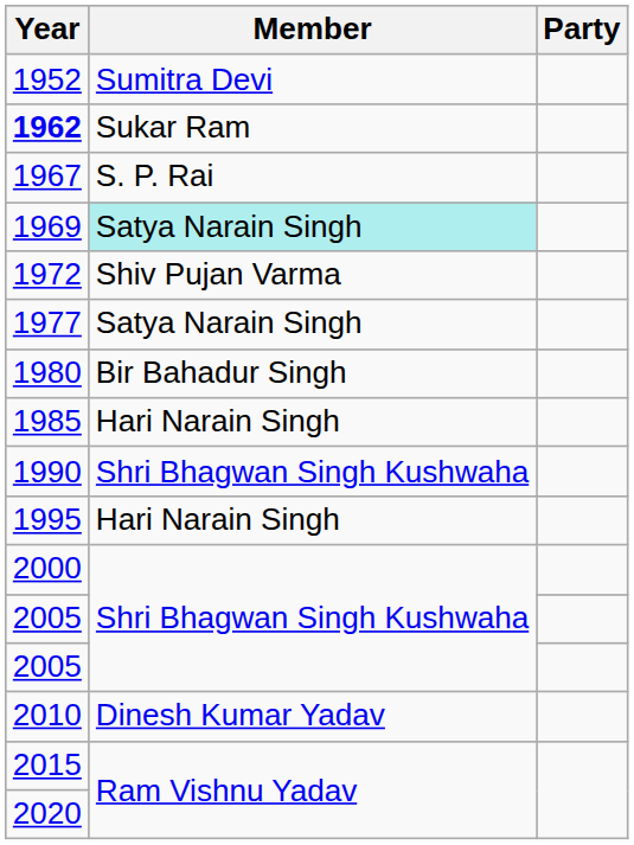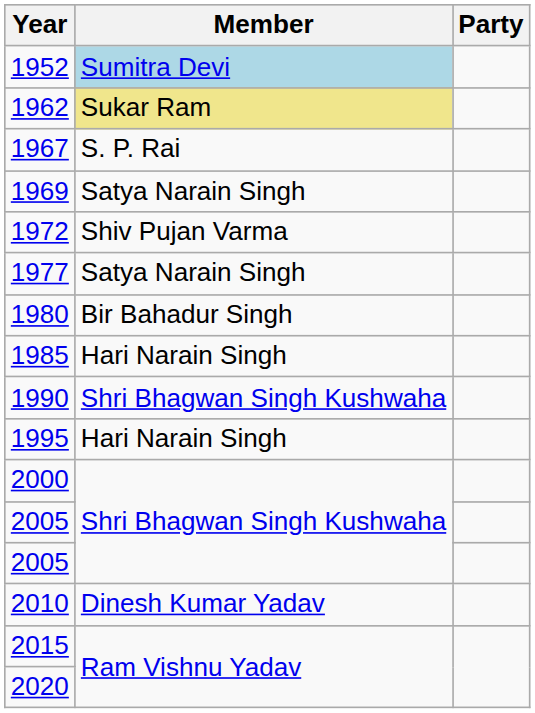 <table class="wikitable sortable">
 <tr>
 <th>Year</th>
 <th>Member</th>
 <th colspan="2">Party</th>
 </tr>
 <tr>
 <td><a href='#'>1952</a></td>
-<td><a href='#'>Sumitra Devi</a></td>
+<td style="background: lightblue;"><a href='#'>Sumitra Devi</a></td>
 <td></td>
 </tr>
 <tr>
-<td><strong><a href='#'>1962</a></strong></td>
-<td>Sukar Ram</td>
+<td><a href='#'>1962</a></td>
+<td style="background: khaki;">Sukar Ram</td>
 <td></td>
 </tr>
 <tr>
 <td><a href='#'>1967</a></td>
 <td>S. P. Rai</td>
 <td></td>
 </tr>
 <tr>
 <td><a href='#'>1969</a></td>
-<td style="background: paleturquoise;">Satya Narain Singh</td>
+<td>Satya Narain Singh</td>
 <td></td>
 </tr>
 <tr>
 <td><a href='#'>1972</a></td>
 <td>Shiv Pujan Varma</td>
 <td></td>
 </tr>
 <tr>
 <td><a href='#'>1977</a></td>
 <td>Satya Narain Singh</td>
 <td></td>
 </tr>
 <tr>
 <td><a href='#'>1980</a></td>
 <td>Bir Bahadur Singh</td>
 </tr>
 <tr>
 <td><a href='#'>1985</a></td>
 <td>Hari Narain Singh</td>
 <td></td>
 </tr>
 <tr>
 <td><a href='#'>1990</a></td>
 <td><a href='#'>Shri Bhagwan Singh Kushwaha</a></td>
 <td></td>
 </tr>
 <tr>
 <td><a href='#'>1995</a></td>
 <td>Hari Narain Singh</td>
 <td></td>
 </tr>
 <tr>
 <td><a href='#'>2000</a></td>
 <td rowspan="3"><a href='#'>Shri Bhagwan Singh Kushwaha</a></td>
 <td></td>
 </tr>
 <tr>
 <td><a href='#'>2005</a></td>
 <td></td>
 </tr>
 <tr>
 <td><a href='#'>2005</a></td>
 </tr>
 <tr>
 <td><a href='#'>2010</a></td>
 <td><a href='#'>Dinesh Kumar Yadav</a></td>
 <td></td>
 </tr>
 <tr>
 <td><a href='#'>2015</a></td>
 <td rowspan="2"><a href='#'>Ram Vishnu Yadav</a></td>
 </tr>
 <tr>
 <td><a href='#'>2020</a></td>
 </tr>
 </table>
